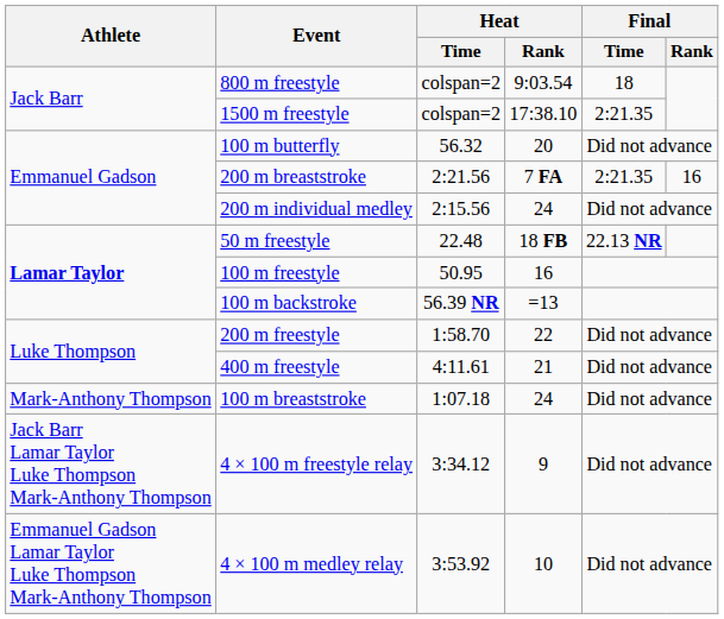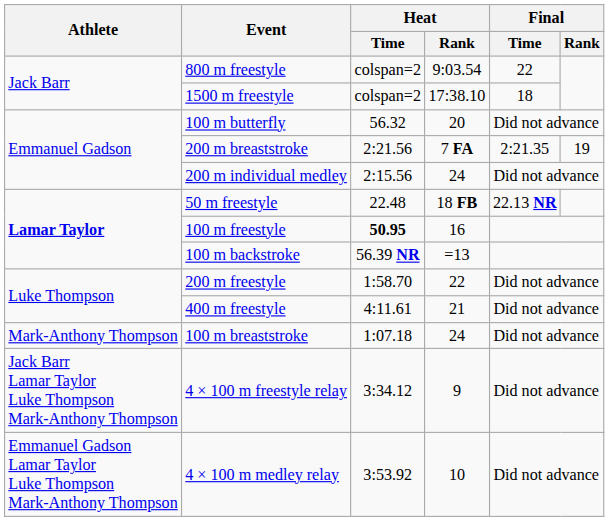 <table class=wikitable style="font-size:90%">
 <tr>
 <th rowspan="2">Athlete</th>
 <th rowspan="2">Event</th>
 <th colspan="2">Heat</th>
 <th colspan="2">Final</th>
 </tr>
 <tr style="font-size:95%">
 <th>Time</th>
 <th>Rank</th>
 <th>Time</th>
 <th>Rank</th>
 </tr>
 <tr align=center>
 <td align=left rowspan=2><a href='#'>Jack Barr</a></td>
 <td align=left><a href='#'>800 m freestyle</a></td>
 <td>colspan=2 </td>
 <td>9:03.54</td>
-<td>18</td>
+<td>22</td>
 </tr>
 <tr align=center>
 <td align=left><a href='#'>1500 m freestyle</a></td>
 <td>colspan=2 </td>
 <td>17:38.10</td>
-<td>2:21.35</td>
+<td>18</td>
 </tr>
 <tr align=center>
 <td align=left rowspan=3><a href='#'>Emmanuel Gadson</a></td>
 <td align=left><a href='#'>100 m butterfly</a></td>
 <td>56.32</td>
 <td>20</td>
 <td colspan=2>Did not advance</td>
 </tr>
 <tr align=center>
 <td align=left><a href='#'>200 m breaststroke</a></td>
 <td>2:21.56</td>
 <td>7 <strong>FA</strong></td>
 <td>2:21.35</td>
-<td>16</td>
+<td>19</td>
 </tr>
 <tr align=center>
 <td align=left><a href='#'>200 m individual medley</a></td>
 <td>2:15.56</td>
 <td>24</td>
 <td colspan=2>Did not advance</td>
 </tr>
 <tr align=center>
 <td align=left rowspan=3><strong><a href='#'>Lamar Taylor</a></strong></td>
 <td align=left><a href='#'>50 m freestyle</a></td>
 <td>22.48</td>
 <td>18 <strong>FB</strong></td>
 <td>22.13 <strong><a href='#'>NR</a></strong></td>
 <td></td>
 </tr>
 <tr align=center>
 <td align=left><a href='#'>100 m freestyle</a></td>
-<td>50.95</td>
+<td><strong>50.95</strong></td>
 <td>16</td>
 <td colspan=2></td>
 </tr>
 <tr align=center>
 <td align=left><a href='#'>100 m backstroke</a></td>
 <td>56.39 <strong><a href='#'>NR</a></strong></td>
 <td>=13</td>
 <td colspan=2></td>
 </tr>
 <tr align=center>
 <td align=left rowspan=2><a href='#'>Luke Thompson</a></td>
 <td align=left><a href='#'>200 m freestyle</a></td>
 <td>1:58.70</td>
 <td>22</td>
 <td colspan=2>Did not advance</td>
 </tr>
 <tr align=center>
 <td align=left><a href='#'>400 m freestyle</a></td>
 <td>4:11.61</td>
 <td>21</td>
 <td colspan=2>Did not advance</td>
 </tr>
 <tr align=center>
 <td align=left><a href='#'>Mark-Anthony Thompson</a></td>
 <td align=left><a href='#'>100 m breaststroke</a></td>
 <td>1:07.18</td>
 <td>24</td>
 <td colspan=2>Did not advance</td>
 </tr>
 <tr align=center>
 <td align=left><a href='#'>Jack Barr</a><br><a href='#'>Lamar Taylor</a><br><a href='#'>Luke Thompson</a><br><a href='#'>Mark-Anthony Thompson</a></td>
 <td align=left><a href='#'>4 × 100 m freestyle relay</a></td>
 <td>3:34.12</td>
 <td>9</td>
 <td colspan=2>Did not advance</td>
 </tr>
 <tr align=center>
 <td align=left><a href='#'>Emmanuel Gadson</a><br><a href='#'>Lamar Taylor</a><br><a href='#'>Luke Thompson</a><br><a href='#'>Mark-Anthony Thompson</a></td>
 <td align=left><a href='#'>4 × 100 m medley relay</a></td>
 <td>3:53.92</td>
 <td>10</td>
 <td colspan=2>Did not advance</td>
 </tr>
 </table>
